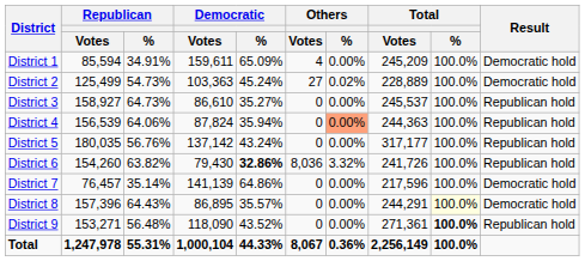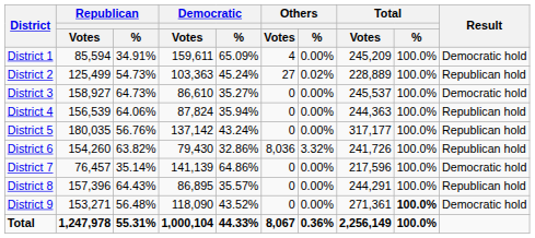 <table class="wikitable plainrowheaders sortable" style="font-size:100%; text-align:right;">
 <tr>
 <th scope=col rowspan=3><a href='#'>District</a></th>
 <th scope=col colspan=2><a href='#'>Republican</a></th>
 <th scope=col colspan=2><a href='#'>Democratic</a></th>
 <th scope=col colspan=2>Others</th>
 <th scope=col colspan=2>Total</th>
 <th scope=col rowspan=3>Result</th>
 </tr>
 <tr>
 <th scope=col colspan=2 style="background:"></th>
 <th scope=col colspan=2 style="background:"></th>
 <th scope=col colspan=2></th>
 <th scope=col colspan=2></th>
 </tr>
 <tr>
 <th scope=col data-sort-type="number">Votes</th>
 <th scope=col data-sort-type="number">%</th>
 <th scope=col data-sort-type="number">Votes</th>
 <th scope=col data-sort-type="number">%</th>
 <th scope=col data-sort-type="number">Votes</th>
 <th scope=col data-sort-type="number">%</th>
 <th scope=col data-sort-type="number">Votes</th>
 <th scope=col data-sort-type="number">%</th>
 </tr>
 <tr>
 <td align=left><a href='#'>District 1</a></td>
 <td>85,594</td>
 <td>34.91%</td>
 <td>159,611</td>
 <td>65.09%</td>
 <td>4</td>
 <td>0.00%</td>
 <td>245,209</td>
 <td>100.0%</td>
 <td align=left>Democratic hold</td>
 </tr>
 <tr>
 <td align=left><a href='#'>District 2</a></td>
 <td>125,499</td>
 <td>54.73%</td>
 <td>103,363</td>
 <td>45.24%</td>
 <td>27</td>
 <td>0.02%</td>
 <td>228,889</td>
 <td>100.0%</td>
-<td align=left>Democratic hold</td>
+<td align=left>Republican hold</td>
 </tr>
 <tr>
 <td align=left><a href='#'>District 3</a></td>
 <td>158,927</td>
 <td>64.73%</td>
 <td>86,610</td>
 <td>35.27%</td>
 <td>0</td>
 <td>0.00%</td>
 <td>245,537</td>
 <td>100.0%</td>
-<td align=left>Republican hold</td>
+<td align=left>Democratic hold</td>
 </tr>
 <tr>
 <td align=left><a href='#'>District 4</a></td>
 <td>156,539</td>
 <td>64.06%</td>
 <td>87,824</td>
 <td>35.94%</td>
 <td>0</td>
-<td style="background: lightsalmon;">0.00%</td>
+<td>0.00%</td>
 <td>244,363</td>
 <td>100.0%</td>
 <td align=left>Republican hold</td>
 </tr>
 <tr>
 <td align=left><a href='#'>District 5</a></td>
 <td>180,035</td>
 <td>56.76%</td>
 <td>137,142</td>
 <td>43.24%</td>
 <td>0</td>
 <td>0.00%</td>
 <td>317,177</td>
 <td>100.0%</td>
 <td align=left>Republican hold</td>
 </tr>
 <tr>
 <td align=left><a href='#'>District 6</a></td>
 <td>154,260</td>
 <td>63.82%</td>
 <td>79,430</td>
-<td><strong>32.86%</strong></td>
+<td>32.86%</td>
 <td>8,036</td>
 <td>3.32%</td>
 <td>241,726</td>
 <td>100.0%</td>
 <td align=left>Republican hold</td>
 </tr>
 <tr>
 <td align=left><a href='#'>District 7</a></td>
 <td>76,457</td>
 <td>35.14%</td>
 <td>141,139</td>
 <td>64.86%</td>
 <td>0</td>
 <td>0.00%</td>
 <td>217,596</td>
 <td>100.0%</td>
 <td align=left>Democratic hold</td>
 </tr>
 <tr>
 <td align=left><a href='#'>District 8</a></td>
 <td>157,396</td>
 <td>64.43%</td>
 <td>86,895</td>
 <td>35.57%</td>
 <td>0</td>
 <td>0.00%</td>
 <td>244,291</td>
-<td style="background: lightyellow;">100.0%</td>
-<td align=left>Democratic hold</td>
+<td>100.0%</td>
+<td align=left>Republican hold</td>
 </tr>
 <tr>
 <td align=left><a href='#'>District 9</a></td>
 <td>153,271</td>
 <td>56.48%</td>
 <td>118,090</td>
 <td>43.52%</td>
 <td>0</td>
 <td>0.00%</td>
 <td>271,361</td>
 <td><strong>100.0%</strong></td>
-<td align=left>Republican hold</td>
+<td align=left>Democratic hold</td>
 </tr>
 <tr class="sortbottom" style="font-weight:bold">
 <td align=left>Total</td>
 <td>1,247,978</td>
 <td>55.31%</td>
 <td>1,000,104</td>
 <td>44.33%</td>
 <td>8,067</td>
 <td>0.36%</td>
 <td>2,256,149</td>
 <td>100.0%</td>
 <td></td>
 </tr>
 </table>
